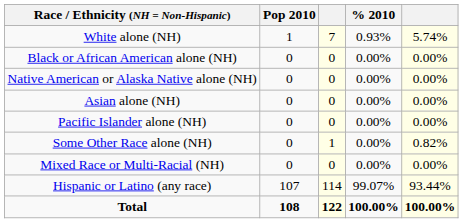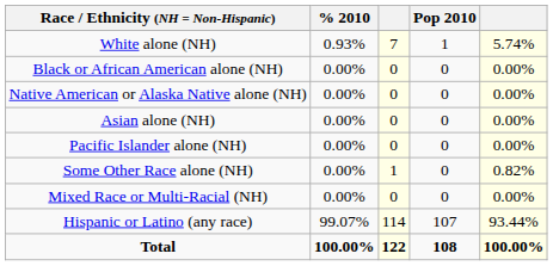 <table class="wikitable" style="text-align:center;">
 <tr>
 <th>Race / Ethnicity <small>(<em>NH = Non-Hispanic</em>)</small></th>
+<th>% 2010</th>
+<th></th>
 <th>Pop 2010</th>
-<th></th>
-<th>% 2010</th>
 <th></th>
 </tr>
 <tr>
 <td><a href='#'>White</a> alone (NH)</td>
+<td>0.93%</td>
+<td style='background: #ffffe6;'>7</td>
 <td>1</td>
-<td style='background: #ffffe6;'>7</td>
-<td>0.93%</td>
 <td style='background: #ffffe6;'>5.74%</td>
 </tr>
 <tr>
 <td><a href='#'>Black or African American</a> alone (NH)</td>
+<td>0.00%</td>
+<td style='background: #ffffe6;'>0</td>
 <td>0</td>
-<td style='background: #ffffe6;'>0</td>
-<td>0.00%</td>
 <td style='background: #ffffe6;'>0.00%</td>
 </tr>
 <tr>
 <td><a href='#'>Native American</a> or <a href='#'>Alaska Native</a> alone (NH)</td>
+<td>0.00%</td>
+<td style='background: #ffffe6;'>0</td>
 <td>0</td>
-<td style='background: #ffffe6;'>0</td>
-<td>0.00%</td>
 <td style='background: #ffffe6;'>0.00%</td>
 </tr>
 <tr>
 <td><a href='#'>Asian</a> alone (NH)</td>
+<td>0.00%</td>
+<td style='background: #ffffe6;'>0</td>
 <td>0</td>
-<td style='background: #ffffe6;'>0</td>
-<td>0.00%</td>
 <td style='background: #ffffe6;'>0.00%</td>
 </tr>
 <tr>
 <td><a href='#'>Pacific Islander</a> alone (NH)</td>
+<td>0.00%</td>
+<td style='background: #ffffe6;'>0</td>
 <td>0</td>
-<td style='background: #ffffe6;'>0</td>
-<td>0.00%</td>
 <td style='background: #ffffe6;'>0.00%</td>
 </tr>
 <tr>
 <td><a href='#'>Some Other Race</a> alone (NH)</td>
+<td>0.00%</td>
+<td style='background: #ffffe6;'>1</td>
 <td>0</td>
-<td style='background: #ffffe6;'>1</td>
-<td>0.00%</td>
 <td style='background: #ffffe6;'>0.82%</td>
 </tr>
 <tr>
 <td><a href='#'>Mixed Race or Multi-Racial</a> (NH)</td>
+<td>0.00%</td>
+<td style='background: #ffffe6;'>0</td>
 <td>0</td>
-<td style='background: #ffffe6;'>0</td>
-<td>0.00%</td>
 <td style='background: #ffffe6;'>0.00%</td>
 </tr>
 <tr>
 <td><a href='#'>Hispanic or Latino</a> (any race)</td>
+<td>99.07%</td>
+<td style='background: #ffffe6;'>114</td>
 <td>107</td>
-<td style='background: #ffffe6;'>114</td>
-<td>99.07%</td>
 <td style='background: #ffffe6;'>93.44%</td>
 </tr>
 <tr>
 <td><strong>Total</strong></td>
+<td><strong>100.00%</strong></td>
+<td style='background: #ffffe6;'><strong>122</strong></td>
 <td><strong>108</strong></td>
-<td style='background: #ffffe6;'><strong>122</strong></td>
-<td><strong>100.00%</strong></td>
 <td style='background: #ffffe6;'><strong>100.00%</strong></td>
 </tr>
 </table>
